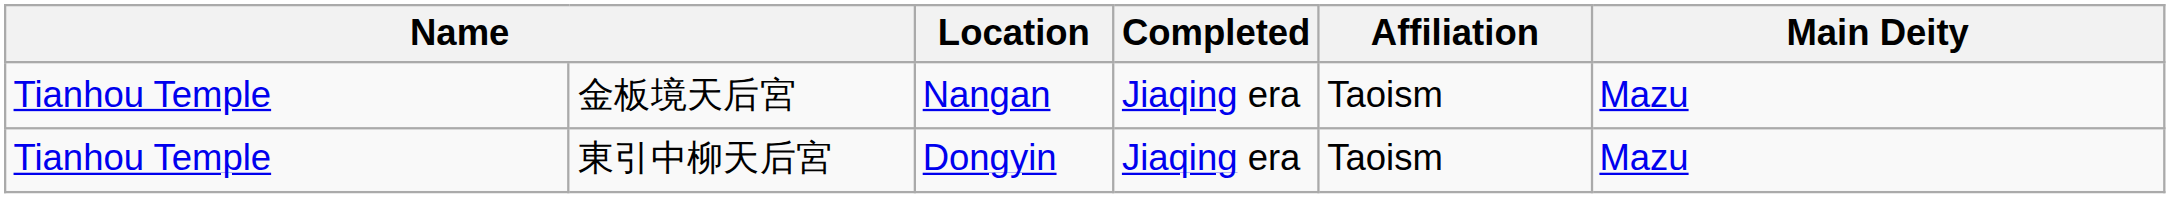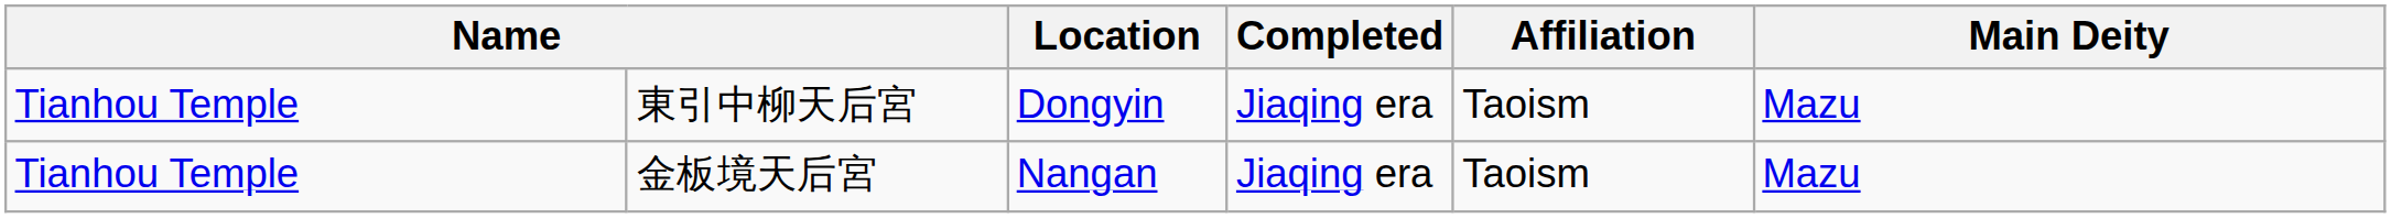 <table class="wikitable sortable" style="width:75%">
 <tr>
 <th colspan="2" scope="col">Name</th>
 <th scope="col" style="width:5em">Location</th>
 <th scope="col" style="width:5em">Completed</th>
 <th scope="col" style="width:7em">Affiliation</th>
 <th scope="col">Main Deity</th>
 </tr>
 <tr>
+<td><a href='#'>Tianhou Temple</a></td>
+<td>東引中柳天后宮</td>
+<td><a href='#'>Dongyin</a></td>
+<td data-sort-value="1795.5"><a href='#'>Jiaqing</a> era</td>
+<td>Taoism</td>
+<td><a href='#'>Mazu</a></td>
+</tr>
+<tr>
 <td style="width:15em"><a href='#'>Tianhou Temple</a></td>
 <td style="width:9em">金板境天后宮</td>
 <td><a href='#'>Nangan</a></td>
 <td data-sort-value="1795.5"><a href='#'>Jiaqing</a> era</td>
 <td>Taoism</td>
 <td><a href='#'>Mazu</a></td>
 </tr>
-<tr>
-<td><a href='#'>Tianhou Temple</a></td>
-<td>東引中柳天后宮</td>
-<td><a href='#'>Dongyin</a></td>
-<td data-sort-value="1795.5"><a href='#'>Jiaqing</a> era</td>
-<td>Taoism</td>
-<td><a href='#'>Mazu</a></td>
-</tr>
 </table>
